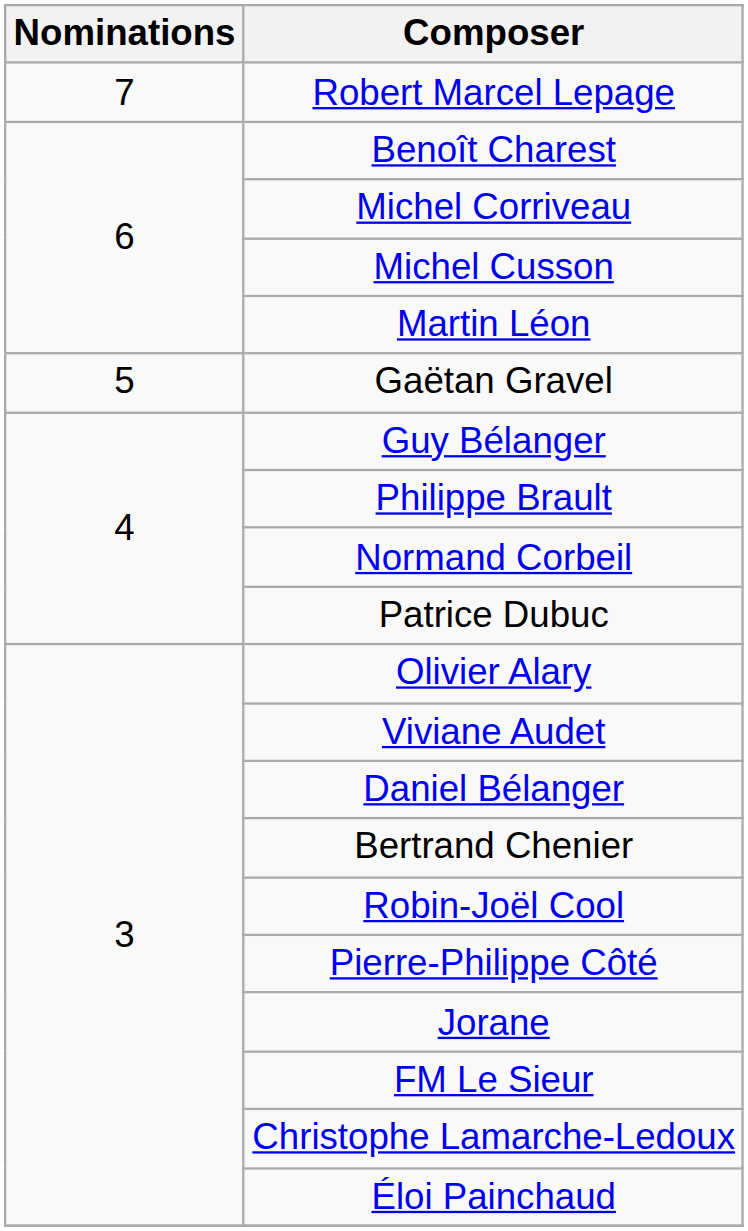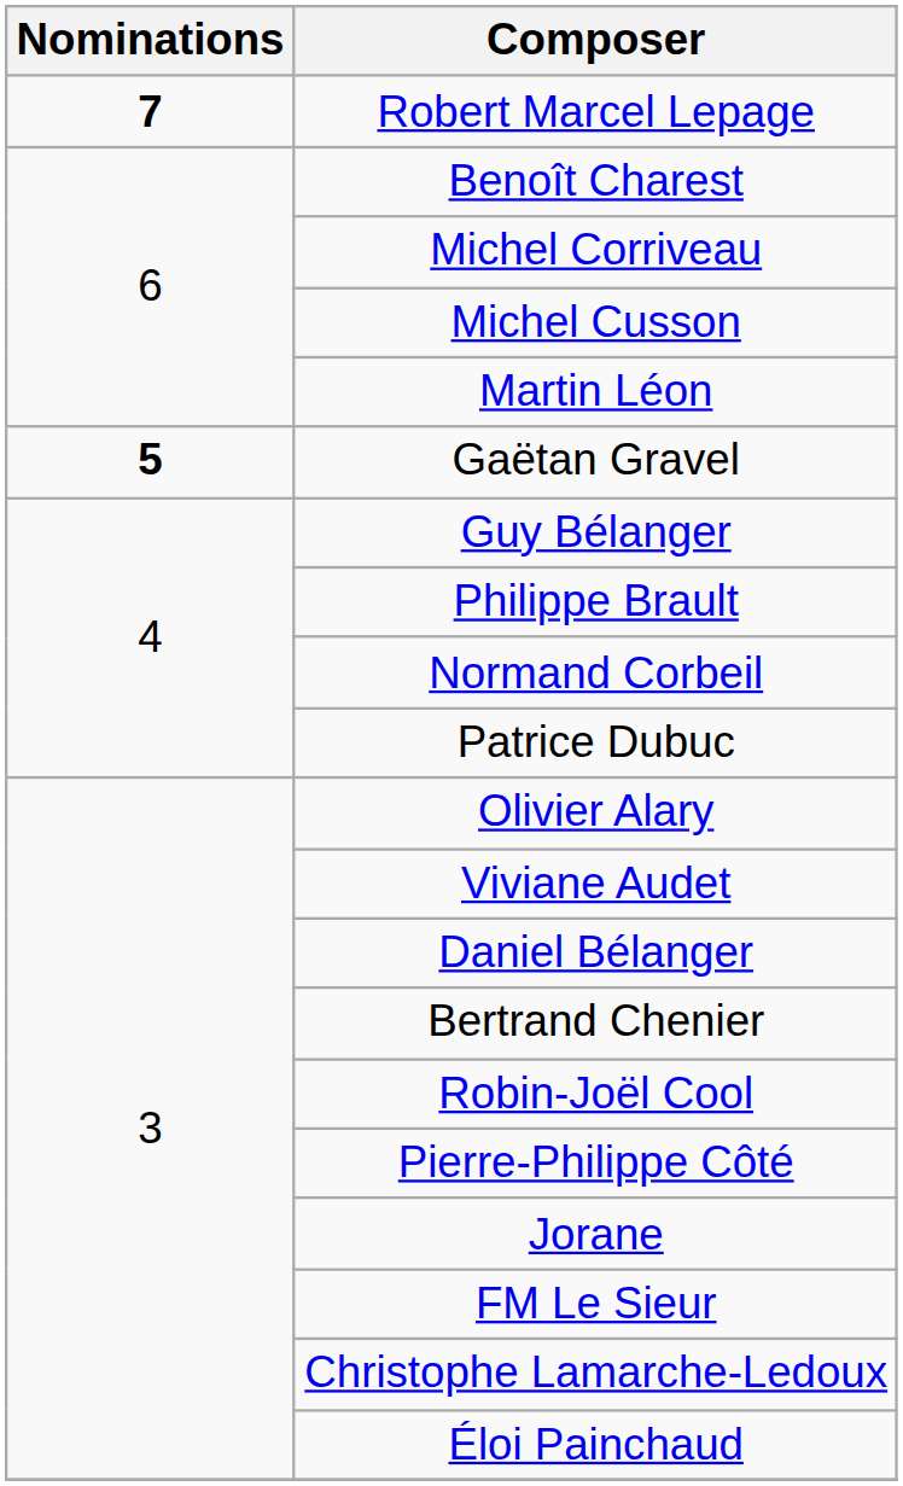 <table class="wikitable" style="text-align:center;">
 <tr>
 <th scope="col" width="10">Nominations</th>
 <th scope="col" align="center">Composer</th>
 </tr>
 <tr>
-<td rowspan="1" style="text-align:center;">7</td>
+<td rowspan="1" style="text-align:center;"><strong>7</strong></td>
 <td><a href='#'>Robert Marcel Lepage</a></td>
 </tr>
 <tr>
 <td rowspan="4" style="text-align:center;">6</td>
 <td><a href='#'>Benoît Charest</a></td>
 </tr>
 <tr>
 <td><a href='#'>Michel Corriveau</a></td>
 </tr>
 <tr>
 <td><a href='#'>Michel Cusson</a></td>
 </tr>
 <tr>
 <td><a href='#'>Martin Léon</a></td>
 </tr>
 <tr>
-<td rowspan="1" style="text-align:center;">5</td>
+<td rowspan="1" style="text-align:center;"><strong>5</strong></td>
 <td>Gaëtan Gravel</td>
 </tr>
 <tr>
 <td rowspan="4" style="text-align:center;">4</td>
 <td><a href='#'>Guy Bélanger</a></td>
 </tr>
 <tr>
 <td><a href='#'>Philippe Brault</a></td>
 </tr>
 <tr>
 <td><a href='#'>Normand Corbeil</a></td>
 </tr>
 <tr>
 <td>Patrice Dubuc</td>
 </tr>
 <tr>
 <td rowspan="10" style="text-align:center;">3</td>
 <td><a href='#'>Olivier Alary</a></td>
 </tr>
 <tr>
 <td><a href='#'>Viviane Audet</a></td>
 </tr>
 <tr>
 <td><a href='#'>Daniel Bélanger</a></td>
 </tr>
 <tr>
 <td>Bertrand Chenier</td>
 </tr>
 <tr>
 <td><a href='#'>Robin-Joël Cool</a></td>
 </tr>
 <tr>
 <td><a href='#'>Pierre-Philippe Côté</a></td>
 </tr>
 <tr>
 <td><a href='#'>Jorane</a></td>
 </tr>
 <tr>
 <td><a href='#'>FM Le Sieur</a></td>
 </tr>
 <tr>
 <td><a href='#'>Christophe Lamarche-Ledoux</a></td>
 </tr>
 <tr>
 <td><a href='#'>Éloi Painchaud</a></td>
 </tr>
 <tr>
 </tr>
 </table>
